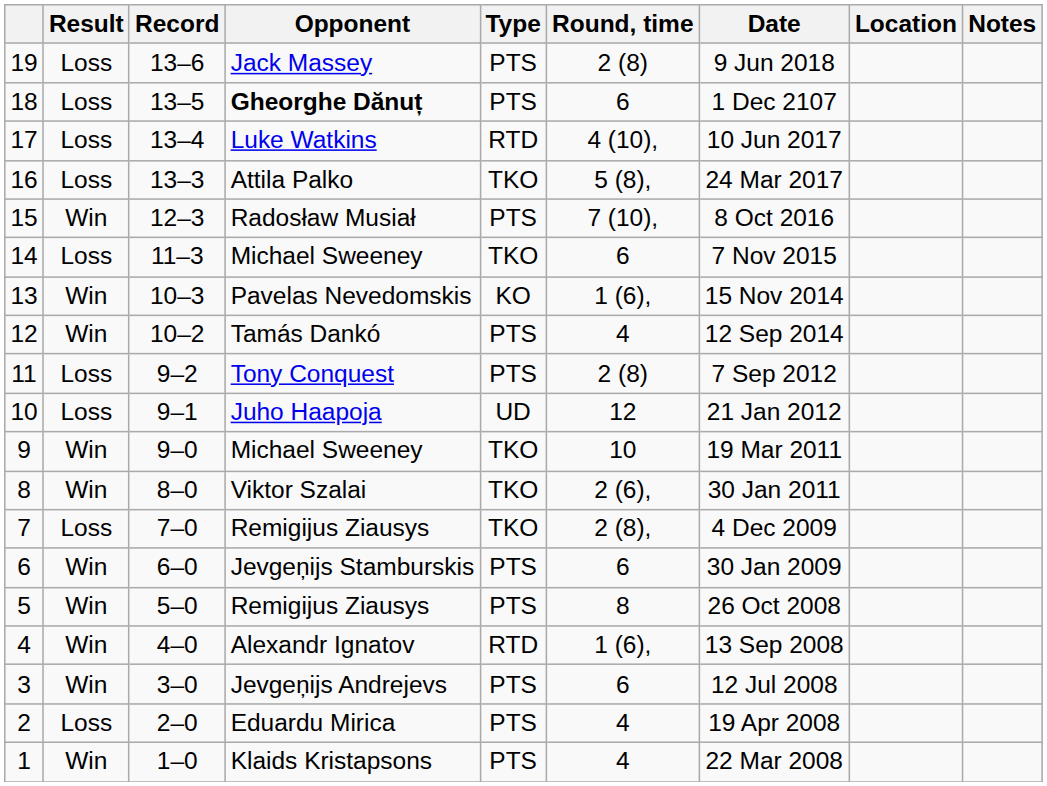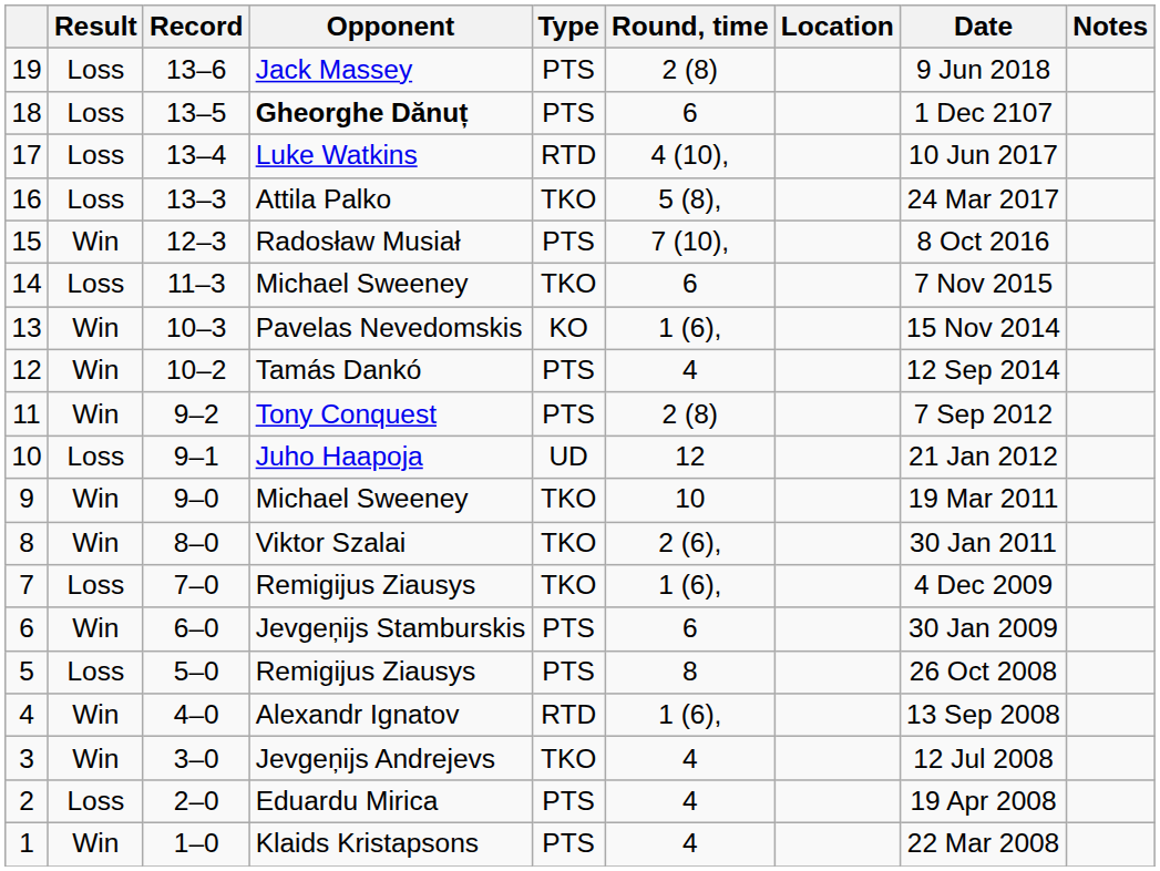 <table class="wikitable" style="text-align:center">
 <tr>
 <th></th>
 <th>Result</th>
 <th>Record</th>
 <th>Opponent</th>
 <th>Type</th>
 <th>Round, time</th>
+<th>Location</th>
 <th>Date</th>
-<th>Location</th>
 <th>Notes</th>
 </tr>
 <tr>
 <td>19</td>
 <td>Loss</td>
 <td>13–6</td>
 <td align=left> <a href='#'>Jack Massey</a></td>
 <td>PTS</td>
 <td>2 (8)</td>
+<td align=left></td>
 <td>9 Jun 2018</td>
-<td align=left></td>
 <td></td>
 </tr>
 <tr>
 <td>18</td>
 <td>Loss</td>
 <td>13–5</td>
 <td align=left><strong> Gheorghe Dănuț</strong></td>
 <td>PTS</td>
 <td>6</td>
+<td align=left></td>
 <td>1 Dec 2107</td>
-<td align=left></td>
 <td></td>
 </tr>
 <tr>
 <td>17</td>
 <td>Loss</td>
 <td>13–4</td>
 <td align=left> <a href='#'>Luke Watkins</a></td>
 <td>RTD</td>
 <td>4 (10), </td>
+<td align=left></td>
 <td>10 Jun 2017</td>
-<td align=left></td>
 <td></td>
 </tr>
 <tr>
 <td>16</td>
 <td>Loss</td>
 <td>13–3</td>
 <td align=left> Attila Palko</td>
 <td>TKO</td>
 <td>5 (8), </td>
+<td align=left></td>
 <td>24 Mar 2017</td>
-<td align=left></td>
 <td></td>
 </tr>
 <tr>
 <td>15</td>
 <td>Win</td>
 <td>12–3</td>
 <td align=left> Radosław Musiał</td>
 <td>PTS</td>
 <td>7 (10), </td>
+<td align=left></td>
 <td>8 Oct 2016</td>
-<td align=left></td>
 <td></td>
 </tr>
 <tr>
 <td>14</td>
 <td>Loss</td>
 <td>11–3</td>
 <td align=left> Michael Sweeney</td>
 <td>TKO</td>
 <td>6</td>
+<td align=left></td>
 <td>7 Nov 2015</td>
-<td align=left></td>
 <td align=left></td>
 </tr>
 <tr>
 <td>13</td>
 <td>Win</td>
 <td>10–3</td>
 <td align=left> Pavelas Nevedomskis</td>
 <td>KO</td>
 <td>1 (6), </td>
+<td align=left></td>
 <td>15 Nov 2014</td>
-<td align=left></td>
 <td align=left></td>
 </tr>
 <tr>
 <td>12</td>
 <td>Win</td>
 <td>10–2</td>
 <td align=left> Tamás Dankó</td>
 <td>PTS</td>
 <td>4</td>
+<td align=left></td>
 <td>12 Sep 2014</td>
-<td align=left></td>
 <td></td>
 </tr>
 <tr>
 <td>11</td>
-<td>Loss</td>
+<td>Win</td>
 <td>9–2</td>
 <td align=left> <a href='#'>Tony Conquest</a></td>
 <td>PTS</td>
 <td>2 (8)</td>
+<td align=left></td>
 <td>7 Sep 2012</td>
-<td align=left></td>
 <td align=left></td>
 </tr>
 <tr>
 <td>10</td>
 <td>Loss</td>
 <td>9–1</td>
 <td align=left> <a href='#'>Juho Haapoja</a></td>
 <td>UD</td>
 <td>12</td>
+<td align=left></td>
 <td>21 Jan 2012</td>
-<td align=left></td>
 <td align=left></td>
 </tr>
 <tr>
 <td>9</td>
 <td>Win</td>
 <td>9–0</td>
 <td align=left> Michael Sweeney</td>
 <td>TKO</td>
 <td>10</td>
+<td align=left></td>
 <td>19 Mar 2011</td>
-<td align=left></td>
 <td align=left></td>
 </tr>
 <tr>
 <td>8</td>
 <td>Win</td>
 <td>8–0</td>
 <td align=left> Viktor Szalai</td>
 <td>TKO</td>
 <td>2 (6), </td>
+<td align=left></td>
 <td>30 Jan 2011</td>
-<td align=left></td>
 <td></td>
 </tr>
 <tr>
 <td>7</td>
 <td>Loss</td>
 <td>7–0</td>
 <td align=left> Remigijus Ziausys</td>
 <td>TKO</td>
-<td>2 (8), </td>
+<td>1 (6), </td>
+<td align=left></td>
 <td>4 Dec 2009</td>
-<td align=left></td>
 <td></td>
 </tr>
 <tr>
 <td>6</td>
 <td>Win</td>
 <td>6–0</td>
 <td align=left> Jevgeņijs Stamburskis</td>
 <td>PTS</td>
 <td>6</td>
+<td align=left></td>
 <td>30 Jan 2009</td>
-<td align=left></td>
 <td></td>
 </tr>
 <tr>
 <td>5</td>
-<td>Win</td>
+<td>Loss</td>
 <td>5–0</td>
 <td align=left> Remigijus Ziausys</td>
 <td>PTS</td>
 <td>8</td>
+<td align=left></td>
 <td>26 Oct 2008</td>
-<td align=left></td>
 <td></td>
 </tr>
 <tr>
 <td>4</td>
 <td>Win</td>
 <td>4–0</td>
 <td align=left> Alexandr Ignatov</td>
 <td>RTD</td>
 <td>1 (6), </td>
+<td align=left></td>
 <td>13 Sep 2008</td>
-<td align=left></td>
 <td></td>
 </tr>
 <tr>
 <td>3</td>
 <td>Win</td>
 <td>3–0</td>
 <td align=left> Jevgeņijs Andrejevs</td>
-<td>PTS</td>
-<td>6</td>
+<td>TKO</td>
+<td>4</td>
+<td align=left></td>
 <td>12 Jul 2008</td>
-<td align=left></td>
 <td></td>
 </tr>
 <tr>
 <td>2</td>
 <td>Loss</td>
 <td>2–0</td>
 <td align=left> Eduardu Mirica</td>
 <td>PTS</td>
 <td>4</td>
+<td align=left></td>
 <td>19 Apr 2008</td>
-<td align=left></td>
 <td></td>
 </tr>
 <tr>
 <td>1</td>
 <td>Win</td>
 <td>1–0</td>
 <td align=left> Klaids Kristapsons</td>
 <td>PTS</td>
 <td>4</td>
+<td align=left></td>
 <td>22 Mar 2008</td>
-<td align=left></td>
 <td></td>
 </tr>
 </table>
